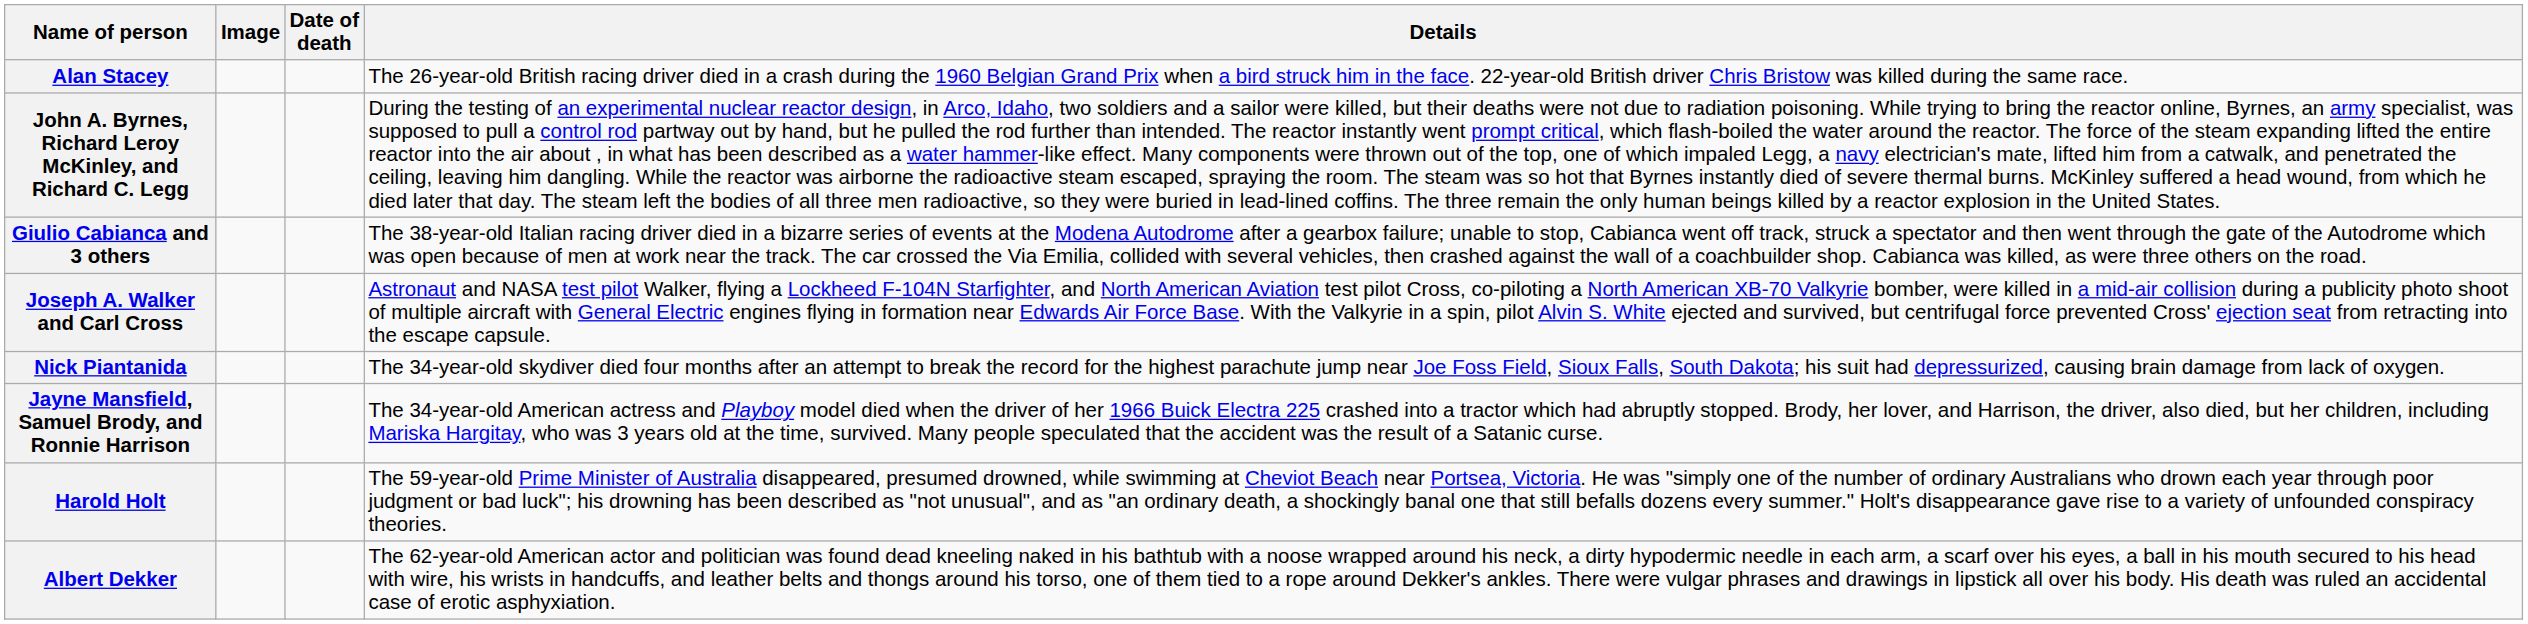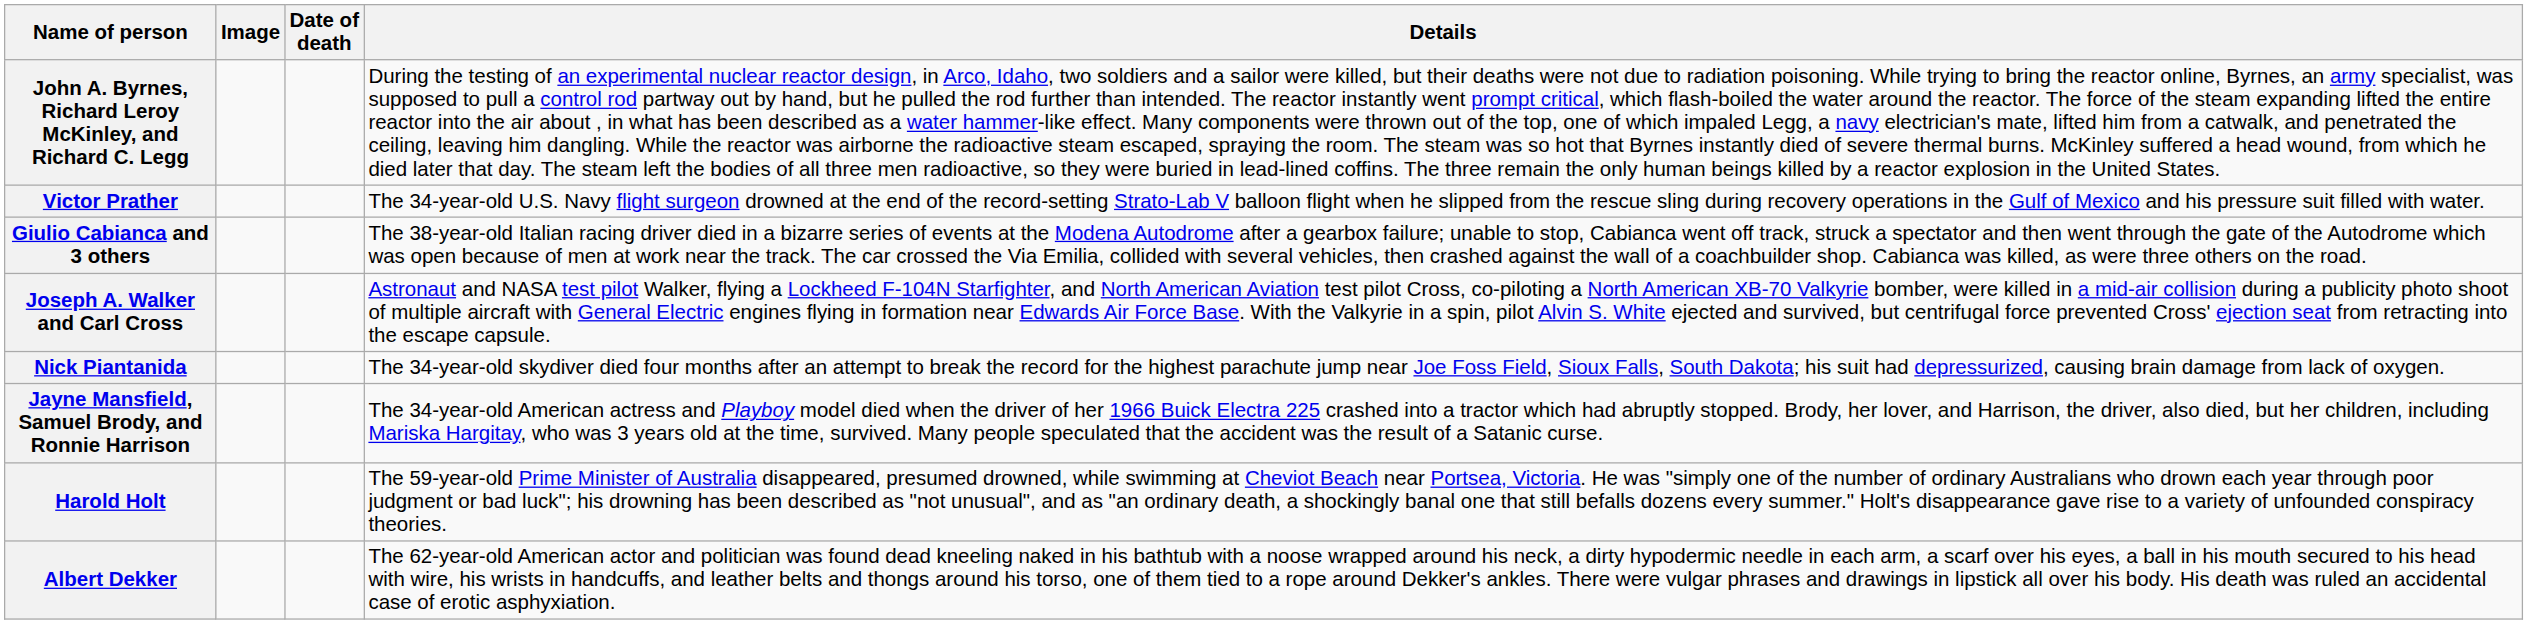 <table class="wikitable">
 <tr>
 <th scope="col">Name of person</th>
 <th scope="col">Image</th>
 <th scope="col">Date of death</th>
 <th scope="col">Details</th>
 </tr>
 <tr>
-<th><a href='#'>Alan Stacey</a></th>
-<td></td>
-<td></td>
-<td>The 26-year-old British racing driver died in a crash during the <a href='#'>1960 Belgian Grand Prix</a> when <a href='#'>a bird struck him in the face</a>. 22-year-old British driver <a href='#'>Chris Bristow</a> was killed during the same race.</td>
-</tr>
-<tr>
 <th>John A. Byrnes, Richard Leroy McKinley, and Richard C. Legg</th>
 <td></td>
 <td></td>
 <td>During the testing of <a href='#'>an experimental nuclear reactor design</a>, in <a href='#'>Arco, Idaho</a>, two soldiers and a sailor were killed, but their deaths were not due to radiation poisoning. While trying to bring the reactor online, Byrnes, an <a href='#'>army</a> specialist, was supposed to pull a <a href='#'>control rod</a> partway out by hand, but he pulled the rod further than intended. The reactor instantly went <a href='#'>prompt critical</a>, which flash-boiled the water around the reactor. The force of the steam expanding lifted the entire reactor into the air about , in what has been described as a <a href='#'>water hammer</a>-like effect. Many components were thrown out of the top, one of which impaled Legg, a <a href='#'>navy</a> electrician's mate, lifted him from a catwalk, and penetrated the ceiling, leaving him dangling. While the reactor was airborne the radioactive steam escaped, spraying the room. The steam was so hot that Byrnes instantly died of severe thermal burns. McKinley suffered a head wound, from which he died later that day. The steam left the bodies of all three men radioactive, so they were buried in lead-lined coffins. The three remain the only human beings killed by a reactor explosion in the United States.</td>
+</tr>
+<tr>
+<th><a href='#'>Victor Prather</a></th>
+<td></td>
+<td></td>
+<td>The 34-year-old U.S. Navy <a href='#'>flight surgeon</a> drowned at the end of the record-setting <a href='#'>Strato-Lab V</a> balloon flight when he slipped from the rescue sling during recovery operations in the <a href='#'>Gulf of Mexico</a> and his pressure suit filled with water.</td>
 </tr>
 <tr>
 <th scope="row"><a href='#'>Giulio Cabianca</a> and 3 others</th>
 <td></td>
 <td></td>
 <td>The 38-year-old Italian racing driver died in a bizarre series of events at the <a href='#'>Modena Autodrome</a> after a gearbox failure; unable to stop, Cabianca went off track, struck a spectator and then went through the gate of the Autodrome which was open because of men at work near the track. The car crossed the Via Emilia, collided with several vehicles, then crashed against the wall of a coachbuilder shop. Cabianca was killed, as were three others on the road.</td>
 </tr>
 <tr>
 <th scope="row"><a href='#'>Joseph A. Walker</a> and Carl Cross</th>
 <td></td>
 <td></td>
 <td><a href='#'>Astronaut</a> and NASA <a href='#'>test pilot</a> Walker, flying a <a href='#'>Lockheed F-104N Starfighter</a>, and <a href='#'>North American Aviation</a> test pilot Cross, co-piloting a <a href='#'>North American XB-70 Valkyrie</a> bomber, were killed in <a href='#'>a mid-air collision</a> during a publicity photo shoot of multiple aircraft with <a href='#'>General Electric</a> engines flying in formation near <a href='#'>Edwards Air Force Base</a>. With the Valkyrie in a spin, pilot <a href='#'>Alvin S. White</a> ejected and survived, but centrifugal force prevented Cross' <a href='#'>ejection seat</a> from retracting into the escape capsule.</td>
 </tr>
 <tr>
 <th scope="row"><a href='#'>Nick Piantanida</a></th>
 <td></td>
 <td></td>
 <td>The 34-year-old skydiver died four months after an attempt to break the record for the highest parachute jump near <a href='#'>Joe Foss Field</a>, <a href='#'>Sioux Falls</a>, <a href='#'>South Dakota</a>; his suit had <a href='#'>depressurized</a>, causing brain damage from lack of oxygen.</td>
 </tr>
 <tr>
 <th><a href='#'>Jayne Mansfield</a>, Samuel Brody, and Ronnie Harrison</th>
 <td></td>
 <td></td>
 <td>The 34-year-old American actress and <em><a href='#'>Playboy</a></em> model died when the driver of her <a href='#'>1966 Buick Electra 225</a> crashed into a tractor which had abruptly stopped. Brody, her lover, and Harrison, the driver, also died, but her children, including <a href='#'>Mariska Hargitay</a>, who was 3 years old at the time, survived. Many people speculated that the accident was the result of a Satanic curse.</td>
 </tr>
 <tr>
 <th><a href='#'>Harold Holt</a></th>
 <td></td>
 <td></td>
 <td>The 59-year-old <a href='#'>Prime Minister of Australia</a> disappeared, presumed drowned, while swimming at <a href='#'>Cheviot Beach</a> near <a href='#'>Portsea, Victoria</a>. He was "simply one of the number of ordinary Australians who drown each year through poor judgment or bad luck"; his drowning has been described as "not unusual", and as "an ordinary death, a shockingly banal one that still befalls dozens every summer." Holt's disappearance gave rise to a variety of unfounded conspiracy theories.</td>
 </tr>
 <tr>
 <th><a href='#'>Albert Dekker</a></th>
 <td></td>
 <td></td>
 <td>The 62-year-old American actor and politician was found dead kneeling naked in his bathtub with a noose wrapped around his neck, a dirty hypodermic needle in each arm, a scarf over his eyes, a ball in his mouth secured to his head with wire, his wrists in handcuffs, and leather belts and thongs around his torso, one of them tied to a rope around Dekker's ankles. There were vulgar phrases and drawings in lipstick all over his body. His death was ruled an accidental case of erotic asphyxiation.</td>
 </tr>
 </table>
